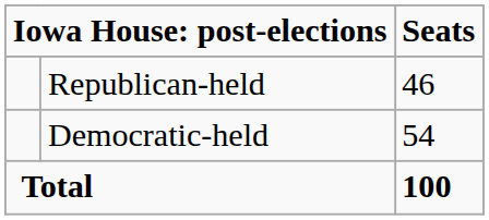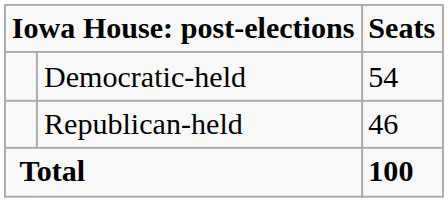 <table class="wikitable">
 <tr>
 <td colspan="2"  style="text-align:center; vertical-align:top;"><strong>Iowa House: post-elections</strong></td>
 <td style="vertical-align:top;"><strong>Seats</strong><br></td>
 </tr>
 <tr>
 <td style="background-color:"> </td>
-<td>Republican-held</td>
-<td>46</td>
+<td>Democratic-held</td>
+<td>54</td>
 </tr>
 <tr>
 <td style="background-color:"> </td>
-<td>Democratic-held</td>
-<td>54</td>
+<td>Republican-held</td>
+<td>46</td>
 </tr>
 <tr>
 <td colspan="2"> <strong>Total</strong><br></td>
 <td><strong>100</strong></td>
 </tr>
 </table>
